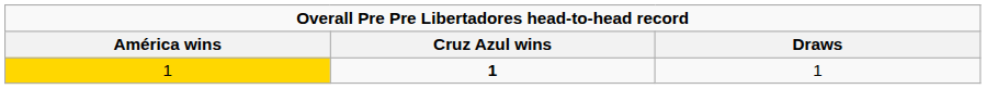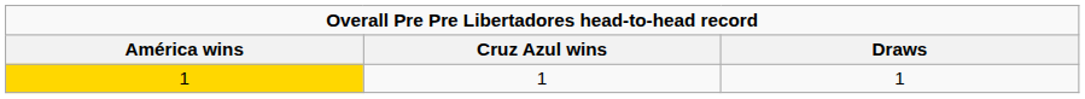 <table class="wikitable" style="font-size:90%;width:95%;text-align:center">
 <tr>
 <td colspan="3"><strong>Overall Pre Pre Libertadores head-to-head record</strong></td>
 </tr>
 <tr>
 <th width="33%">América wins</th>
 <th width="33%">Cruz Azul wins</th>
 <th width="33%">Draws</th>
 </tr>
 <tr>
 <td style="background: gold;">1</td>
-<td><strong>1</strong></td>
+<td>1</td>
 <td>1</td>
 </tr>
 </table>
